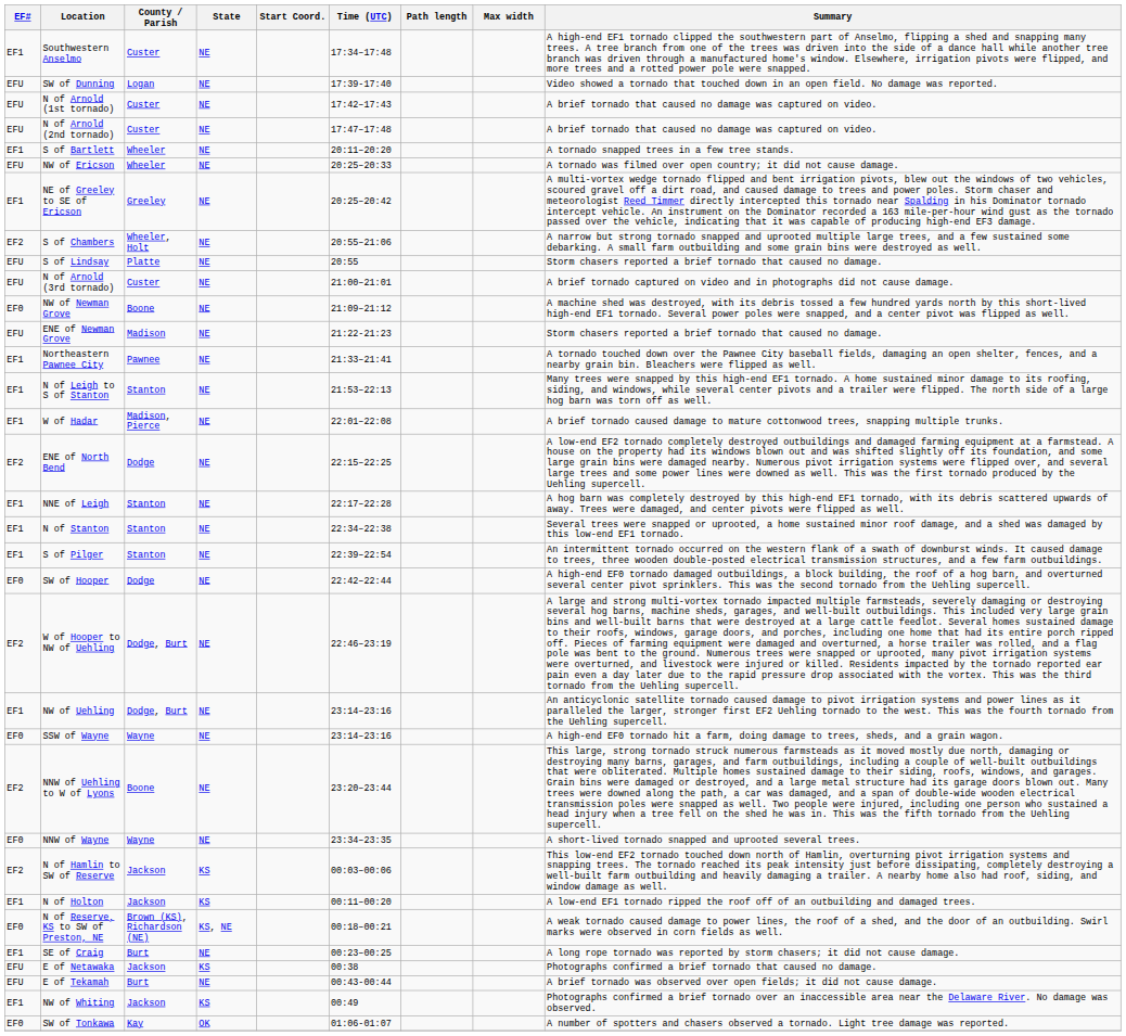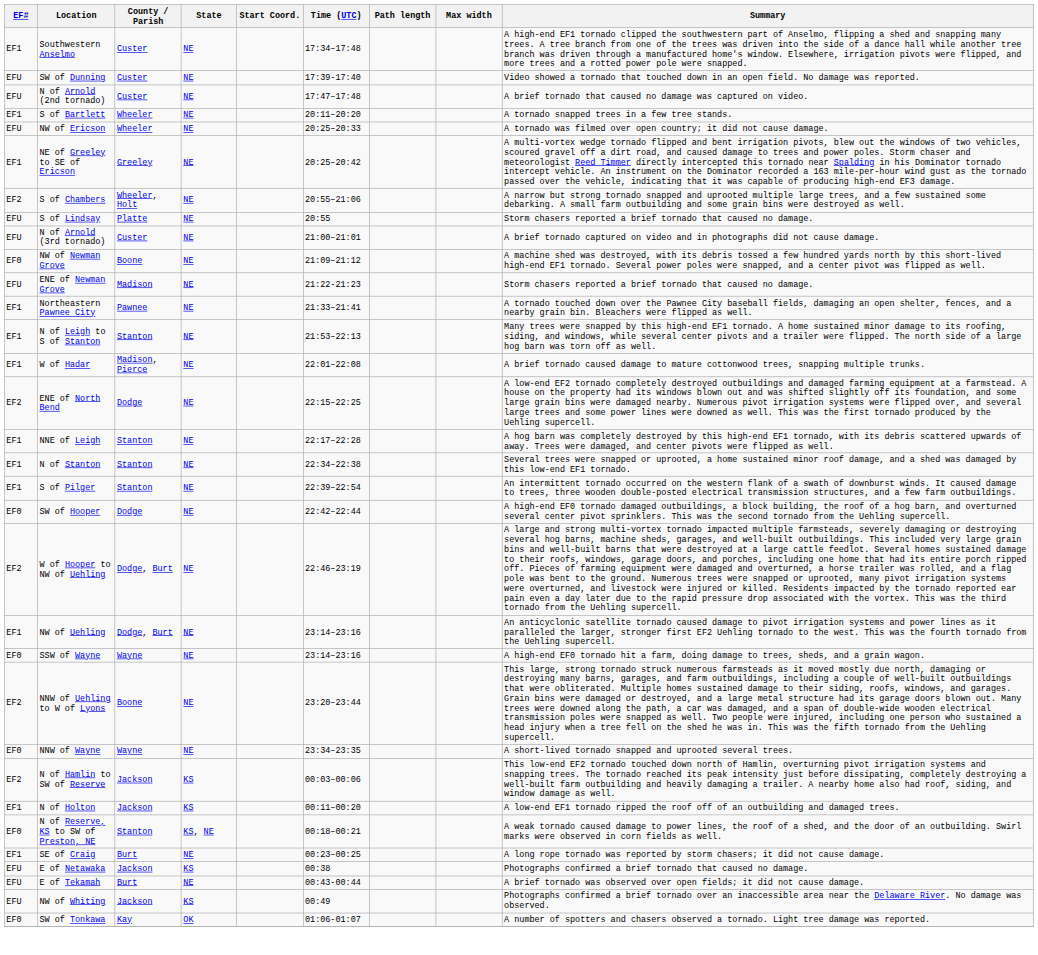 <table class="wikitable sortable" style="width:100%;">
 <tr>
 <th scope="col"  style="width:3%; text-align:center;"><a href='#'>EF#</a></th>
 <th scope="col"  style="width:7%; text-align:center;" class="unsortable">Location</th>
 <th scope="col"  style="width:6%; text-align:center;" class="unsortable">County / Parish</th>
 <th scope="col"  style="width:5%; text-align:center;">State</th>
 <th scope="col"  style="width:6%; text-align:center;">Start Coord.</th>
 <th scope="col"  style="width:6%; text-align:center;">Time (<a href='#'>UTC</a>)</th>
 <th scope="col"  style="width:6%; text-align:center;">Path length</th>
 <th scope="col"  style="width:6%; text-align:center;">Max width</th>
 <th scope="col" class="unsortable" style="width:48%; text-align:center;">Summary</th>
 </tr>
 <tr>
 <td>EF1</td>
 <td>Southwestern <a href='#'>Anselmo</a></td>
 <td><a href='#'>Custer</a></td>
 <td><a href='#'>NE</a></td>
 <td></td>
 <td>17:34–17:48</td>
 <td></td>
 <td></td>
 <td>A high-end EF1 tornado clipped the southwestern part of Anselmo, flipping a shed and snapping many trees. A tree branch from one of the trees was driven into the side of a dance hall while another tree branch was driven through a manufactured home's window. Elsewhere, irrigation pivots were flipped, and more trees and a rotted power pole were snapped.</td>
 </tr>
 <tr>
 <td>EFU</td>
 <td>SW of <a href='#'>Dunning</a></td>
-<td><a href='#'>Logan</a></td>
+<td><a href='#'>Custer</a></td>
 <td><a href='#'>NE</a></td>
 <td></td>
 <td>17:39-17:40</td>
 <td></td>
 <td></td>
 <td>Video showed a tornado that touched down in an open field. No damage was reported.</td>
-</tr>
-<tr>
-<td>EFU</td>
-<td>N of <a href='#'>Arnold</a> (1st tornado)</td>
-<td><a href='#'>Custer</a></td>
-<td><a href='#'>NE</a></td>
-<td></td>
-<td>17:42–17:43</td>
-<td></td>
-<td></td>
-<td>A brief tornado that caused no damage was captured on video.</td>
 </tr>
 <tr>
 <td>EFU</td>
 <td>N of <a href='#'>Arnold</a> (2nd tornado)</td>
 <td><a href='#'>Custer</a></td>
 <td><a href='#'>NE</a></td>
 <td></td>
 <td>17:47–17:48</td>
 <td></td>
 <td></td>
 <td>A brief tornado that caused no damage was captured on video.</td>
 </tr>
 <tr>
 <td>EF1</td>
 <td>S of <a href='#'>Bartlett</a></td>
 <td><a href='#'>Wheeler</a></td>
 <td><a href='#'>NE</a></td>
 <td></td>
 <td>20:11–20:20</td>
 <td></td>
 <td></td>
 <td>A tornado snapped trees in a few tree stands.</td>
 </tr>
 <tr>
 <td>EFU</td>
 <td>NW of <a href='#'>Ericson</a></td>
 <td><a href='#'>Wheeler</a></td>
 <td><a href='#'>NE</a></td>
 <td></td>
 <td>20:25–20:33</td>
 <td></td>
 <td></td>
 <td>A tornado was filmed over open country; it did not cause damage.</td>
 </tr>
 <tr>
 <td>EF1</td>
 <td>NE of <a href='#'>Greeley</a> to SE of <a href='#'>Ericson</a></td>
 <td><a href='#'>Greeley</a></td>
 <td><a href='#'>NE</a></td>
 <td></td>
 <td>20:25–20:42</td>
 <td></td>
 <td></td>
 <td>A multi-vortex wedge tornado flipped and bent irrigation pivots, blew out the windows of two vehicles, scoured gravel off a dirt road, and caused damage to trees and power poles. Storm chaser and meteorologist <a href='#'>Reed Timmer</a> directly intercepted this tornado near <a href='#'>Spalding</a> in his Dominator tornado intercept vehicle. An instrument on the Dominator recorded a 163 mile-per-hour wind gust as the tornado passed over the vehicle, indicating that it was capable of producing high-end EF3 damage.</td>
 </tr>
 <tr>
 <td>EF2</td>
 <td>S of <a href='#'>Chambers</a></td>
 <td><a href='#'>Wheeler</a>, <a href='#'>Holt</a></td>
 <td><a href='#'>NE</a></td>
 <td></td>
 <td>20:55–21:06</td>
 <td></td>
 <td></td>
 <td>A narrow but strong tornado snapped and uprooted multiple large trees, and a few sustained some debarking. A small farm outbuilding and some grain bins were destroyed as well.</td>
 </tr>
 <tr>
 <td>EFU</td>
 <td>S of <a href='#'>Lindsay</a></td>
 <td><a href='#'>Platte</a></td>
 <td><a href='#'>NE</a></td>
 <td></td>
 <td>20:55</td>
 <td></td>
 <td></td>
 <td>Storm chasers reported a brief tornado that caused no damage.</td>
 </tr>
 <tr>
 <td>EFU</td>
 <td>N of <a href='#'>Arnold</a> (3rd tornado)</td>
 <td><a href='#'>Custer</a></td>
 <td><a href='#'>NE</a></td>
 <td></td>
 <td>21:00–21:01</td>
 <td></td>
 <td></td>
 <td>A brief tornado captured on video and in photographs did not cause damage.</td>
 </tr>
 <tr>
 <td>EF0</td>
 <td>NW of <a href='#'>Newman Grove</a></td>
 <td><a href='#'>Boone</a></td>
 <td><a href='#'>NE</a></td>
 <td></td>
 <td>21:09–21:12</td>
 <td></td>
 <td></td>
 <td>A machine shed was destroyed, with its debris tossed a few hundred yards north by this short-lived high-end EF1 tornado. Several power poles were snapped, and a center pivot was flipped as well.</td>
 </tr>
 <tr>
 <td>EFU</td>
 <td>ENE of <a href='#'>Newman Grove</a></td>
 <td><a href='#'>Madison</a></td>
 <td><a href='#'>NE</a></td>
 <td></td>
 <td>21:22-21:23</td>
 <td></td>
 <td></td>
 <td>Storm chasers reported a brief tornado that caused no damage.</td>
 </tr>
 <tr>
 <td>EF1</td>
 <td>Northeastern <a href='#'>Pawnee City</a></td>
 <td><a href='#'>Pawnee</a></td>
 <td><a href='#'>NE</a></td>
 <td></td>
 <td>21:33–21:41</td>
 <td></td>
 <td></td>
 <td>A tornado touched down over the Pawnee City baseball fields, damaging an open shelter, fences, and a nearby grain bin. Bleachers were flipped as well.</td>
 </tr>
 <tr>
 <td>EF1</td>
 <td>N of <a href='#'>Leigh</a> to S of <a href='#'>Stanton</a></td>
 <td><a href='#'>Stanton</a></td>
 <td><a href='#'>NE</a></td>
 <td></td>
 <td>21:53–22:13</td>
 <td></td>
 <td></td>
 <td>Many trees were snapped by this high-end EF1 tornado. A home sustained minor damage to its roofing, siding, and windows, while several center pivots and a trailer were flipped. The north side of a large hog barn was torn off as well.</td>
 </tr>
 <tr>
 <td>EF1</td>
 <td>W of <a href='#'>Hadar</a></td>
 <td><a href='#'>Madison</a>, <a href='#'>Pierce</a></td>
 <td><a href='#'>NE</a></td>
 <td></td>
 <td>22:01–22:08</td>
 <td></td>
 <td></td>
 <td>A brief tornado caused damage to mature cottonwood trees, snapping multiple trunks.</td>
 </tr>
 <tr>
 <td>EF2</td>
 <td>ENE of <a href='#'>North Bend</a></td>
 <td><a href='#'>Dodge</a></td>
 <td><a href='#'>NE</a></td>
 <td></td>
 <td>22:15–22:25</td>
 <td></td>
 <td></td>
 <td>A low-end EF2 tornado completely destroyed outbuildings and damaged farming equipment at a farmstead. A house on the property had its windows blown out and was shifted slightly off its foundation, and some large grain bins were damaged nearby. Numerous pivot irrigation systems were flipped over, and several large trees and some power lines were downed as well. This was the first tornado produced by the Uehling supercell.</td>
 </tr>
 <tr>
 <td>EF1</td>
 <td>NNE of <a href='#'>Leigh</a></td>
 <td><a href='#'>Stanton</a></td>
 <td><a href='#'>NE</a></td>
 <td></td>
 <td>22:17–22:28</td>
 <td></td>
 <td></td>
 <td>A hog barn was completely destroyed by this high-end EF1 tornado, with its debris scattered upwards of  away. Trees were damaged, and center pivots were flipped as well.</td>
 </tr>
 <tr>
 <td>EF1</td>
 <td>N of <a href='#'>Stanton</a></td>
 <td><a href='#'>Stanton</a></td>
 <td><a href='#'>NE</a></td>
 <td></td>
 <td>22:34–22:38</td>
 <td></td>
 <td></td>
 <td>Several trees were snapped or uprooted, a home sustained minor roof damage, and a shed was damaged by this low-end EF1 tornado.</td>
 </tr>
 <tr>
 <td>EF1</td>
 <td>S of <a href='#'>Pilger</a></td>
 <td><a href='#'>Stanton</a></td>
 <td><a href='#'>NE</a></td>
 <td></td>
 <td>22:39–22:54</td>
 <td></td>
 <td></td>
 <td>An intermittent tornado occurred on the western flank of a swath of downburst winds. It caused damage to trees, three wooden double-posted electrical transmission structures, and a few farm outbuildings.</td>
 </tr>
 <tr>
 <td>EF0</td>
 <td>SW of <a href='#'>Hooper</a></td>
 <td><a href='#'>Dodge</a></td>
 <td><a href='#'>NE</a></td>
 <td></td>
 <td>22:42–22:44</td>
 <td></td>
 <td></td>
 <td>A high-end EF0 tornado damaged outbuildings, a block building, the roof of a hog barn, and overturned several center pivot sprinklers. This was the second tornado from the Uehling supercell.</td>
 </tr>
 <tr>
 <td>EF2</td>
 <td>W of <a href='#'>Hooper</a> to NW of <a href='#'>Uehling</a></td>
 <td><a href='#'>Dodge</a>, <a href='#'>Burt</a></td>
 <td><a href='#'>NE</a></td>
 <td></td>
 <td>22:46–23:19</td>
 <td></td>
 <td></td>
 <td>A large and strong multi-vortex tornado impacted multiple farmsteads, severely damaging or destroying several hog barns, machine sheds, garages, and well-built outbuildings. This included very large grain bins and well-built barns that were destroyed at a large cattle feedlot. Several homes sustained damage to their roofs, windows, garage doors, and porches, including one home that had its entire porch ripped off. Pieces of farming equipment were damaged and overturned, a horse trailer was rolled, and a flag pole was bent to the ground. Numerous trees were snapped or uprooted, many pivot irrigation systems were overturned, and livestock were injured or killed. Residents impacted by the tornado reported ear pain even a day later due to the rapid pressure drop associated with the vortex. This was the third tornado from the Uehling supercell.</td>
 </tr>
 <tr>
 <td>EF1</td>
 <td>NW of <a href='#'>Uehling</a></td>
 <td><a href='#'>Dodge</a>, <a href='#'>Burt</a></td>
 <td><a href='#'>NE</a></td>
 <td></td>
 <td>23:14–23:16</td>
 <td></td>
 <td></td>
 <td>An anticyclonic satellite tornado caused damage to pivot irrigation systems and power lines as it paralleled the larger, stronger first EF2 Uehling tornado to the west. This was the fourth tornado from the Uehling supercell.</td>
 </tr>
 <tr>
 <td>EF0</td>
 <td>SSW of <a href='#'>Wayne</a></td>
 <td><a href='#'>Wayne</a></td>
 <td><a href='#'>NE</a></td>
 <td></td>
 <td>23:14–23:16</td>
 <td></td>
 <td></td>
 <td>A high-end EF0 tornado hit a farm, doing damage to trees, sheds, and a grain wagon.</td>
 </tr>
 <tr>
 <td>EF2</td>
 <td>NNW of <a href='#'>Uehling</a> to W of <a href='#'>Lyons</a></td>
 <td><a href='#'>Boone</a></td>
 <td><a href='#'>NE</a></td>
 <td></td>
 <td>23:20–23:44</td>
 <td></td>
 <td></td>
 <td>This large, strong tornado struck numerous farmsteads as it moved mostly due north, damaging or destroying many barns, garages, and farm outbuildings, including a couple of well-built outbuildings that were obliterated. Multiple homes sustained damage to their siding, roofs, windows, and garages. Grain bins were damaged or destroyed, and a large metal structure had its garage doors blown out. Many trees were downed along the path, a car was damaged, and a  span of double-wide wooden electrical transmission poles were snapped as well. Two people were injured, including one person who sustained a head injury when a tree fell on the shed he was in. This was the fifth tornado from the Uehling supercell.</td>
 </tr>
 <tr>
 <td>EF0</td>
 <td>NNW of <a href='#'>Wayne</a></td>
 <td><a href='#'>Wayne</a></td>
 <td><a href='#'>NE</a></td>
 <td></td>
 <td>23:34–23:35</td>
 <td></td>
 <td></td>
 <td>A short-lived tornado snapped and uprooted several trees.</td>
 </tr>
 <tr>
 <td>EF2</td>
 <td>N of <a href='#'>Hamlin</a> to SW of <a href='#'>Reserve</a></td>
 <td><a href='#'>Jackson</a></td>
 <td><a href='#'>KS</a></td>
 <td></td>
 <td>00:03–00:06</td>
 <td></td>
 <td></td>
 <td>This low-end EF2 tornado touched down north of Hamlin, overturning pivot irrigation systems and snapping trees. The tornado reached its peak intensity just before dissipating, completely destroying a well-built farm outbuilding and heavily damaging a trailer. A nearby home also had roof, siding, and window damage as well.</td>
 </tr>
 <tr>
 <td>EF1</td>
 <td>N of <a href='#'>Holton</a></td>
 <td><a href='#'>Jackson</a></td>
 <td><a href='#'>KS</a></td>
 <td></td>
 <td>00:11–00:20</td>
 <td></td>
 <td></td>
 <td>A low-end EF1 tornado ripped the roof off of an outbuilding and damaged trees.</td>
 </tr>
 <tr>
 <td>EF0</td>
 <td>N of <a href='#'>Reserve, KS</a> to SW of <a href='#'>Preston, NE</a></td>
-<td><a href='#'>Brown (KS)</a>, <a href='#'>Richardson (NE)</a></td>
+<td><a href='#'>Stanton</a></td>
 <td><a href='#'>KS</a>, <a href='#'>NE</a></td>
 <td></td>
 <td>00:18–00:21</td>
 <td></td>
 <td></td>
 <td>A weak tornado caused damage to power lines, the roof of a shed, and the door of an outbuilding. Swirl marks were observed in corn fields as well.</td>
 </tr>
 <tr>
 <td>EF1</td>
 <td>SE of <a href='#'>Craig</a></td>
 <td><a href='#'>Burt</a></td>
 <td><a href='#'>NE</a></td>
 <td></td>
 <td>00:23–00:25</td>
 <td></td>
 <td></td>
 <td>A long rope tornado was reported by storm chasers; it did not cause damage.</td>
 </tr>
 <tr>
 <td>EFU</td>
 <td>E of <a href='#'>Netawaka</a></td>
 <td><a href='#'>Jackson</a></td>
 <td><a href='#'>KS</a></td>
 <td></td>
 <td>00:38</td>
 <td></td>
 <td></td>
 <td>Photographs confirmed a brief tornado that caused no damage.</td>
 </tr>
 <tr>
 <td>EFU</td>
 <td>E of <a href='#'>Tekamah</a></td>
 <td><a href='#'>Burt</a></td>
 <td><a href='#'>NE</a></td>
 <td></td>
 <td>00:43-00:44</td>
 <td></td>
 <td></td>
 <td>A brief tornado was observed over open fields; it did not cause damage.</td>
 </tr>
 <tr>
-<td>EF1</td>
+<td>EFU</td>
 <td>NW of <a href='#'>Whiting</a></td>
 <td><a href='#'>Jackson</a></td>
 <td><a href='#'>KS</a></td>
 <td></td>
 <td>00:49</td>
 <td></td>
 <td></td>
 <td>Photographs confirmed a brief tornado over an inaccessible area near the <a href='#'>Delaware River</a>. No damage was observed.</td>
 </tr>
 <tr>
 <td>EF0</td>
 <td>SW of <a href='#'>Tonkawa</a></td>
 <td><a href='#'>Kay</a></td>
 <td><a href='#'>OK</a></td>
 <td></td>
 <td>01:06-01:07</td>
 <td></td>
 <td></td>
 <td>A number of spotters and chasers observed a tornado. Light tree damage was reported.</td>
 </tr>
 <tr>
 </tr>
 </table>
